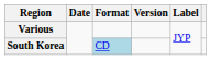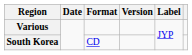 <table class="wikitable plainrowheaders">
 <tr>
 <th scope="col">Region</th>
 <th>Date</th>
 <th>Format</th>
 <th>Version</th>
 <th>Label</th>
 <th></th>
 </tr>
 <tr>
 <th scope="row">Various</th>
 <td rowspan="2"></td>
 <td></td>
 <td></td>
 <td rowspan="2"><a href='#'>JYP</a></td>
 <td style="text-align:center"></td>
 </tr>
 <tr>
 <th scope="row">South Korea</th>
-<td style="background: lightblue;"><a href='#'>CD</a></td>
+<td><a href='#'>CD</a></td>
 <td></td>
 <td style="text-align:center"></td>
 </tr>
 </table>
